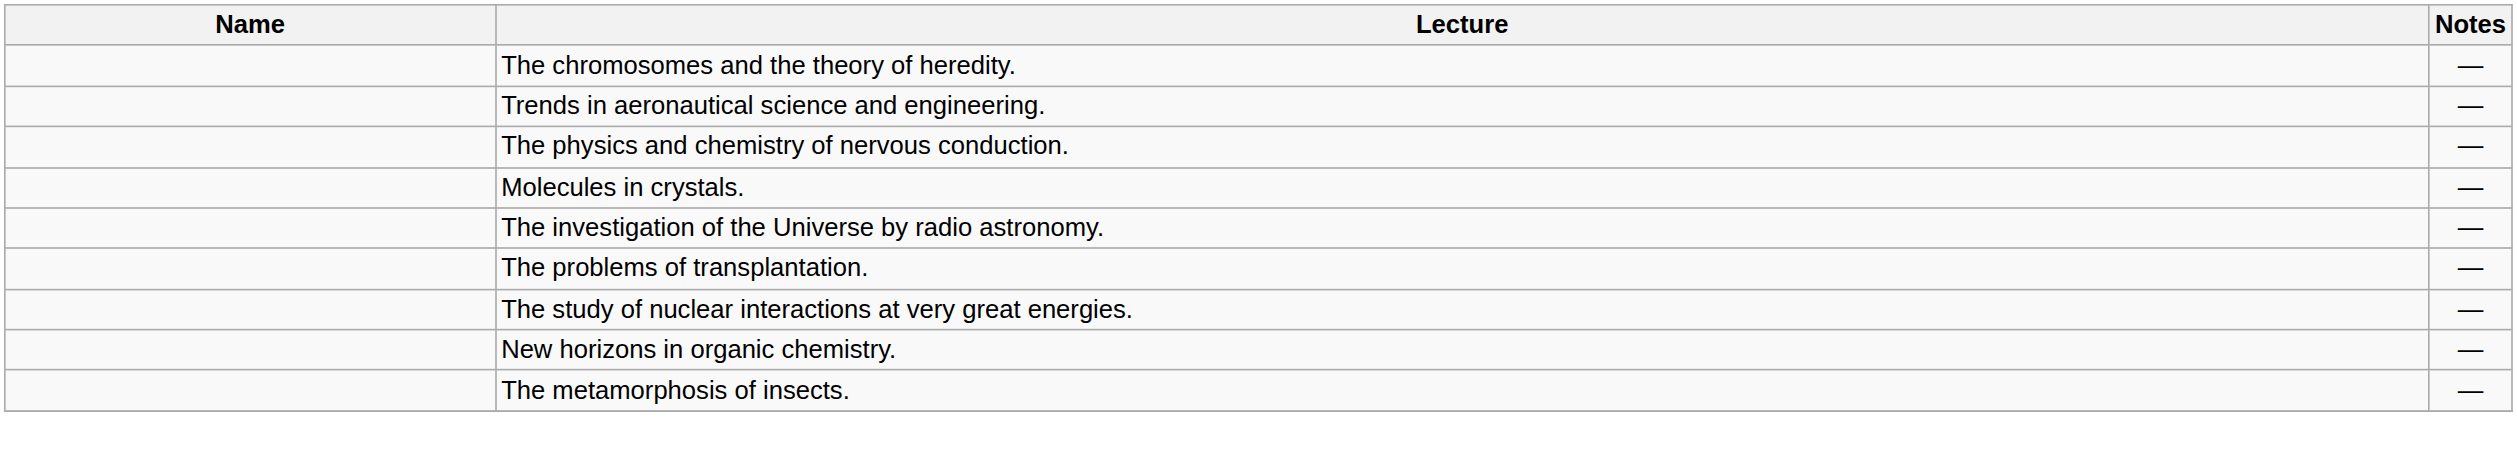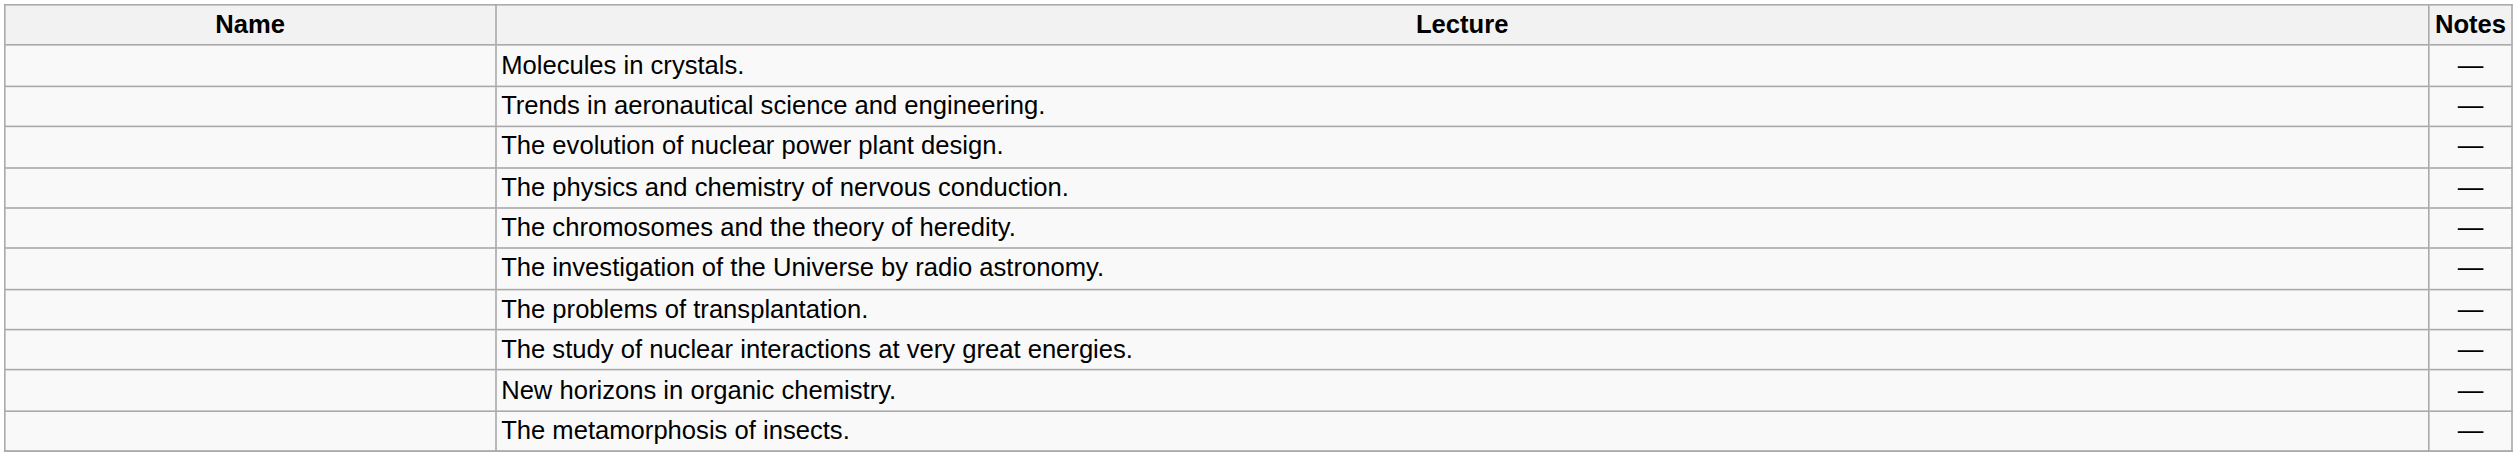 <table class="wikitable sortable" border="1" style="align:left;">
 <tr>
 <th width="20%">Name</th>
 <th width="79%" class="unsortable">Lecture</th>
 <th width="1%" class="unsortable">Notes</th>
 </tr>
 <tr>
 <td></td>
-<td>The chromosomes and the theory of heredity.</td>
+<td>Molecules in crystals.</td>
 <td align=center>—</td>
 </tr>
 <tr>
 <td></td>
 <td>Trends in aeronautical science and engineering.</td>
 <td align=center>—</td>
 </tr>
 <tr>
 <td></td>
+<td>The evolution of nuclear power plant design.</td>
+<td align=center>—</td>
+</tr>
+<tr>
+<td></td>
 <td>The physics and chemistry of nervous conduction.</td>
 <td align=center>—</td>
 </tr>
 <tr>
 <td></td>
-<td>Molecules in crystals.</td>
+<td>The chromosomes and the theory of heredity.</td>
 <td align=center>—</td>
 </tr>
 <tr>
 <td></td>
 <td>The investigation of the Universe by radio astronomy.</td>
 <td align=center>—</td>
 </tr>
 <tr>
 <td></td>
 <td>The problems of transplantation.</td>
 <td align=center>—</td>
 </tr>
 <tr>
 <td></td>
 <td>The study of nuclear interactions at very great energies.</td>
 <td align=center>—</td>
 </tr>
 <tr>
 <td></td>
 <td>New horizons in organic chemistry.</td>
 <td align=center>—</td>
 </tr>
 <tr>
 <td></td>
 <td>The metamorphosis of insects.</td>
 <td align=center>—</td>
 </tr>
 <tr>
 </tr>
 </table>
